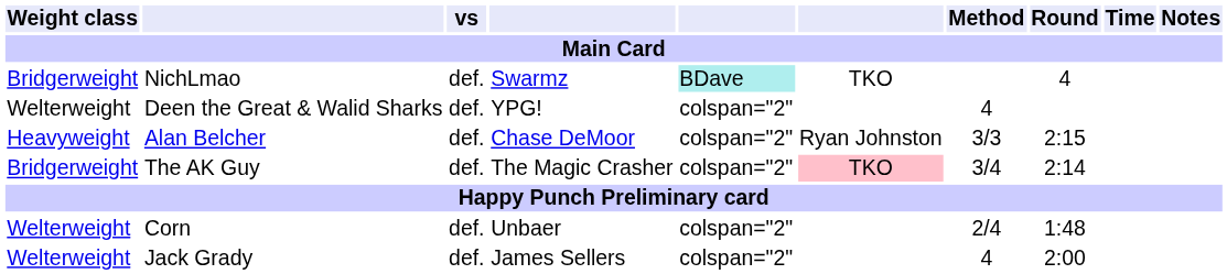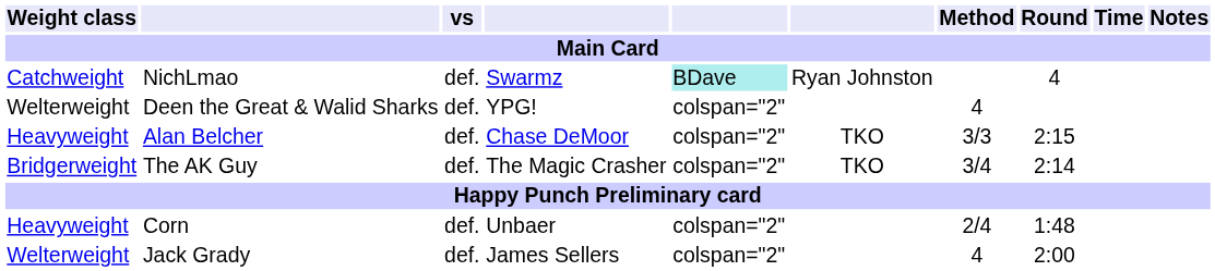 <table class="toccolours" style="font-size: 85%;">
 <tr>
 <th style="background:#e6e8fa; color:#000; text-align:center;">Weight class</th>
 <th style="background:#e6e8fa; color:#000; text-align:center;"></th>
 <th style="background:#e6e8fa; color:#000; text-align:center;">vs</th>
 <th style="background:#e6e8fa; color:#000; text-align:center;"></th>
 <th style="background:#e6e8fa; color:#000; text-align:center;"></th>
 <th style="background:#e6e8fa; color:#000; text-align:center;"></th>
 <th style="background:#e6e8fa; color:#000; text-align:center;">Method</th>
 <th style="background:#e6e8fa; color:#000; text-align:center;">Round</th>
 <th style="background:#e6e8fa; color:#000; text-align:center;">Time</th>
 <th style="background:#e6e8fa; color:#000; text-align:center;">Notes</th>
 </tr>
 <tr>
 <th colspan="12" style="background-color: #ccccff;">Main Card</th>
 </tr>
 <tr>
-<td><a href='#'>Bridgerweight</a></td>
+<td><a href='#'>Catchweight</a></td>
 <td>NichLmao</td>
 <td>def.</td>
 <td><a href='#'>Swarmz</a></td>
 <td style="background: paleturquoise;">BDave</td>
-<td align="center">TKO</td>
+<td>Ryan Johnston</td>
 <td align="center"></td>
 <td align="center">4</td>
 <td></td>
 <td></td>
 </tr>
 <tr>
 <td>Welterweight</td>
 <td>Deen the Great & Walid Sharks</td>
 <td>def.</td>
 <td>YPG!<br></td>
 <td>colspan="2" </td>
 <td align="center"></td>
 <td align="center">4</td>
 <td align="center"></td>
 <td></td>
 </tr>
 <tr>
 <td><a href='#'>Heavyweight</a></td>
 <td><a href='#'>Alan Belcher</a></td>
 <td>def.</td>
 <td><a href='#'>Chase DeMoor</a></td>
 <td>colspan="2" </td>
-<td>Ryan Johnston</td>
+<td align="center">TKO</td>
 <td align="center">3/3</td>
 <td align="center">2:15</td>
 <td></td>
 </tr>
 <tr>
 <td><a href='#'>Bridgerweight</a></td>
 <td>The AK Guy</td>
 <td>def.</td>
 <td>The Magic Crasher</td>
 <td>colspan="2" </td>
-<td align="center" style="background: pink;">TKO</td>
+<td align="center">TKO</td>
 <td align="center">3/4</td>
 <td align="center">2:14</td>
 <td></td>
 </tr>
 <tr>
 <th colspan="12" style="background-color: #ccccff;">Happy Punch Preliminary card</th>
 </tr>
 <tr>
-<td><a href='#'>Welterweight</a></td>
+<td><a href='#'>Heavyweight</a></td>
 <td>Corn</td>
 <td>def.</td>
 <td>Unbaer</td>
 <td>colspan="2" </td>
 <td align="center"></td>
 <td align="center">2/4</td>
 <td align="center">1:48</td>
 <td></td>
 </tr>
 <tr>
 <td><a href='#'>Welterweight</a></td>
 <td>Jack Grady</td>
 <td>def.</td>
 <td>James Sellers</td>
 <td>colspan="2" </td>
 <td align="center"></td>
 <td align="center">4</td>
 <td align="center">2:00</td>
 <td></td>
 </tr>
 </table>
